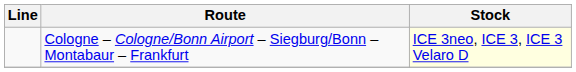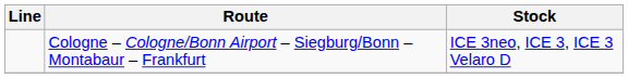 <table class="wikitable" width="100%">
 <tr class="hintergrundfarbe5">
 <th>Line</th>
 <th>Route</th>
 <th>Stock</th>
 </tr>
 <tr>
 <td></td>
 <td><a href='#'>Cologne</a> – <em><a href='#'>Cologne/Bonn Airport</a> –</em> <a href='#'>Siegburg/Bonn</a> – <a href='#'>Montabaur</a> –   <a href='#'>Frankfurt</a></td>
-<td style="background: lightyellow;"><a href='#'>ICE 3neo</a>, <a href='#'>ICE 3</a>, <a href='#'>ICE 3 Velaro D</a></td>
+<td><a href='#'>ICE 3neo</a>, <a href='#'>ICE 3</a>, <a href='#'>ICE 3 Velaro D</a></td>
 </tr>
 <tr>
 </tr>
 </table>
